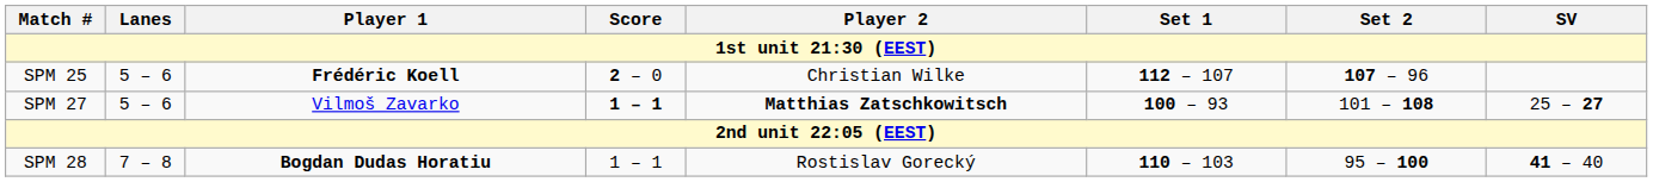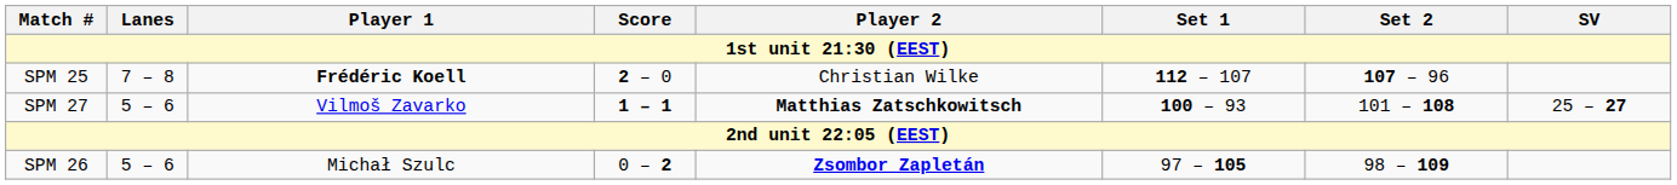 <table class="wikitable">
 <tr>
 <th width="5%">Match #</th>
 <th width="4%">Lanes</th>
 <th width="20%">Player 1</th>
 <th width="5%">Score</th>
 <th width="20%">Player 2</th>
 <th width="10%">Set 1</th>
 <th width="10%">Set 2</th>
 <th width="8%">SV</th>
 </tr>
 <tr>
 <td colspan="8" style="text-align:center; background-color:#FFFACD"><strong>1st unit 21:30 (<a href='#'>EEST</a>)</strong></td>
 </tr>
 <tr style=text-align:center;"background:#;">
 <td>SPM 25</td>
-<td>5 – 6</td>
+<td>7 – 8</td>
 <td> <strong>Frédéric Koell</strong></td>
 <td><strong>2</strong> – 0</td>
 <td> Christian Wilke</td>
 <td><strong>112</strong> – 107</td>
 <td><strong>107</strong> – 96</td>
 <td></td>
 </tr>
 <tr style=text-align:center;"background:#;">
 <td>SPM 27</td>
 <td>5 – 6</td>
 <td> <a href='#'>Vilmoš Zavarko</a></td>
 <td><strong>1 – 1</strong></td>
 <td> <strong>Matthias Zatschkowitsch</strong></td>
 <td><strong>100</strong> – 93</td>
 <td>101 – <strong>108</strong></td>
 <td>25 – <strong>27</strong></td>
 </tr>
 <tr>
 <td colspan="8" style="text-align:center; background-color:#FFFACD"><strong>2nd unit 22:05 (<a href='#'>EEST</a>)</strong></td>
 </tr>
 <tr style=text-align:center;"background:#;">
-<td>SPM 28</td>
-<td>7 – 8</td>
-<td> <strong>Bogdan Dudas Horatiu</strong></td>
-<td>1 – 1</td>
-<td> Rostislav Gorecký</td>
-<td><strong>110</strong> – 103</td>
-<td>95 – <strong>100</strong></td>
-<td><strong>41</strong> – 40</td>
+<td>SPM 26</td>
+<td>5 – 6</td>
+<td> Michał Szulc</td>
+<td>0 – <strong>2</strong></td>
+<td> <strong><a href='#'>Zsombor Zapletán</a></strong></td>
+<td>97 – <strong>105</strong></td>
+<td>98 – <strong>109</strong></td>
+<td></td>
 </tr>
 </table>
